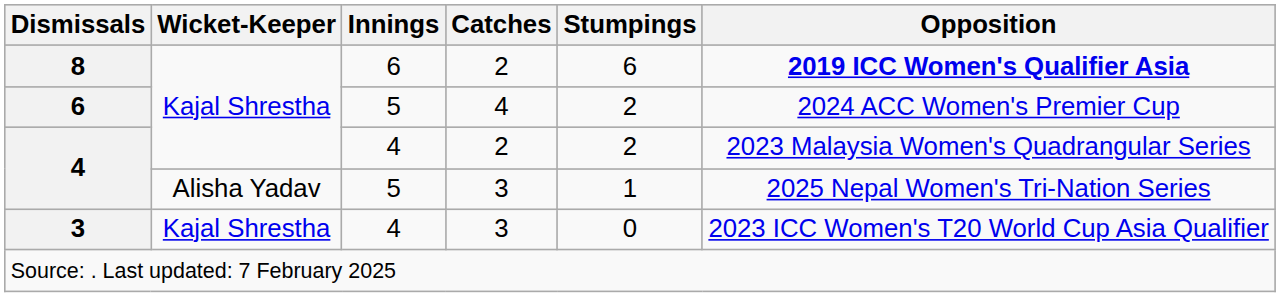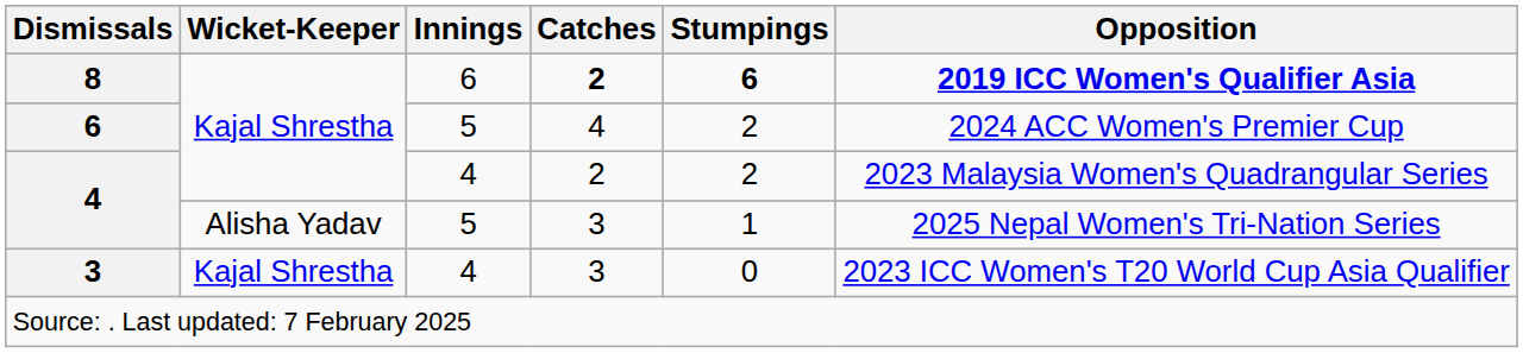 <table class="wikitable" style="text-align: center;">
 <tr>
 <th>Dismissals</th>
 <th>Wicket-Keeper</th>
 <th>Innings</th>
 <th>Catches</th>
 <th>Stumpings</th>
 <th>Opposition</th>
 </tr>
 <tr>
 <th>8</th>
 <td rowspan="3"><a href='#'>Kajal Shrestha</a></td>
 <td>6</td>
-<td>2</td>
-<td>6</td>
+<td><strong>2</strong></td>
+<td><strong>6</strong></td>
 <td><strong><a href='#'>2019 ICC Women's Qualifier Asia</a></strong></td>
 </tr>
 <tr>
 <th>6</th>
 <td>5</td>
 <td>4</td>
 <td>2</td>
 <td><a href='#'>2024 ACC Women's Premier Cup</a></td>
 </tr>
 <tr>
 <th rowspan="2">4</th>
 <td>4</td>
 <td>2</td>
 <td>2</td>
 <td><a href='#'>2023 Malaysia Women's Quadrangular Series</a></td>
 </tr>
 <tr>
 <td>Alisha Yadav</td>
 <td>5</td>
 <td>3</td>
 <td>1</td>
 <td><a href='#'>2025 Nepal Women's Tri-Nation Series</a></td>
 </tr>
 <tr>
 <th>3</th>
 <td><a href='#'>Kajal Shrestha</a></td>
 <td>4</td>
 <td>3</td>
 <td>0</td>
 <td><a href='#'>2023 ICC Women's T20 World Cup Asia Qualifier</a></td>
 </tr>
 <tr>
 <td colspan="6" style="text-align:left;"><small>Source: . Last updated: 7 February 2025</small></td>
 </tr>
 </table>
